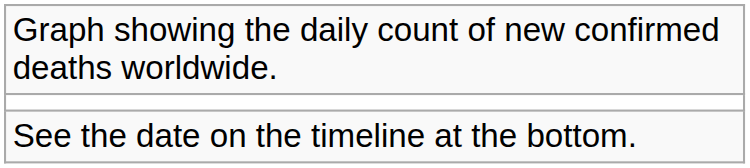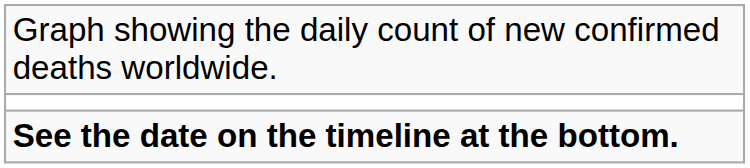 <table class=wikitable>
 <tr>
 <td style=max-width:350px>Graph showing the daily count of new confirmed deaths worldwide.</td>
 </tr>
 <tr>
 <td style=background-color:white;></td>
 </tr>
 <tr>
-<td style=max-width:350px>See the date on the timeline at the bottom.</td>
+<td style=max-width:350px><strong>See the date on the timeline at the bottom.</strong></td>
 </tr>
 </table>
